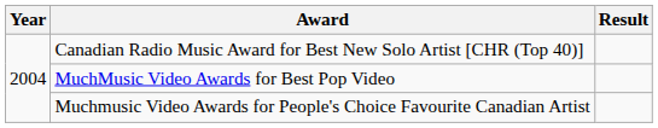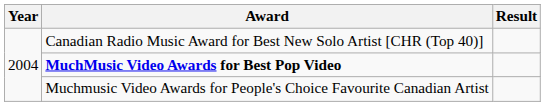 <table class="wikitable">
 <tr>
 <th>Year</th>
 <th>Award</th>
 <th>Result</th>
 </tr>
 <tr>
 <td rowspan="3">2004</td>
 <td>Canadian Radio Music Award for Best New Solo Artist [CHR (Top 40)]</td>
 <td></td>
 </tr>
 <tr>
-<td><a href='#'>MuchMusic Video Awards</a> for Best Pop Video</td>
+<td><strong><a href='#'>MuchMusic Video Awards</a> for Best Pop Video</strong></td>
 <td></td>
 </tr>
 <tr>
 <td>Muchmusic Video Awards for People's Choice Favourite Canadian Artist</td>
 <td></td>
 </tr>
 </table>
